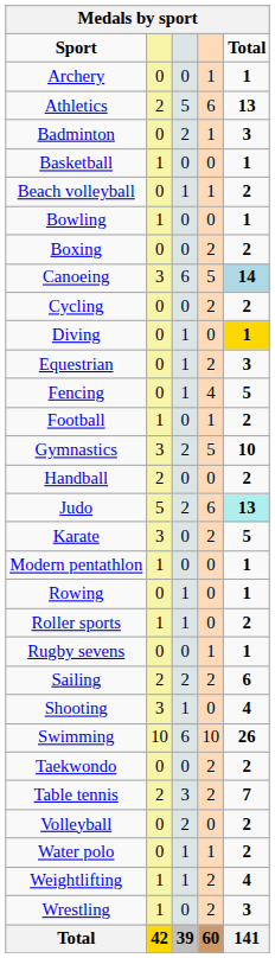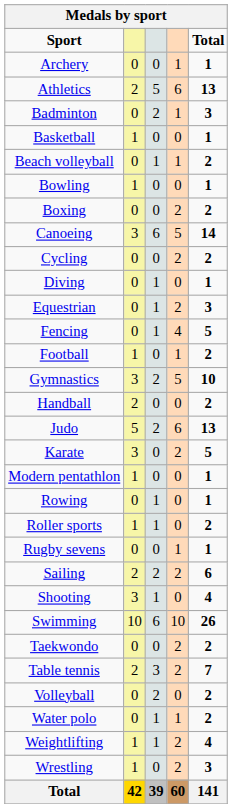 <table class="wikitable" style="font-size:85%; float:right;">
 <tr style="background:#efefef;">
 <th colspan=7><strong>Medals by sport</strong></th>
 </tr>
 <tr align=center>
 <td><strong>Sport</strong></td>
 <td bgcolor=#f7f6a8></td>
 <td bgcolor=#dce5e5></td>
 <td bgcolor=#ffdab9></td>
 <td><strong>Total</strong></td>
 </tr>
 <tr align=center>
 <td><a href='#'>Archery</a></td>
 <td style="background:#F7F6A8;">0</td>
 <td style="background:#DCE5E5;">0</td>
 <td style="background:#FFDAB9;">1</td>
 <td><strong>1</strong></td>
 </tr>
 <tr align=center>
 <td><a href='#'>Athletics</a></td>
 <td style="background:#F7F6A8;">2</td>
 <td style="background:#DCE5E5;">5</td>
 <td style="background:#FFDAB9;">6</td>
 <td><strong>13</strong></td>
 </tr>
 <tr align=center>
 <td><a href='#'>Badminton</a></td>
 <td style="background:#F7F6A8;">0</td>
 <td style="background:#DCE5E5;">2</td>
 <td style="background:#FFDAB9;">1</td>
 <td><strong>3</strong></td>
 </tr>
 <tr align=center>
 <td><a href='#'>Basketball</a></td>
 <td style="background:#F7F6A8;">1</td>
 <td style="background:#DCE5E5;">0</td>
 <td style="background:#FFDAB9;">0</td>
 <td><strong>1</strong></td>
 </tr>
 <tr align=center>
 <td><a href='#'>Beach volleyball</a></td>
 <td style="background:#F7F6A8;">0</td>
 <td style="background:#DCE5E5;">1</td>
 <td style="background:#FFDAB9;">1</td>
 <td><strong>2</strong></td>
 </tr>
 <tr align=center>
 <td><a href='#'>Bowling</a></td>
 <td style="background:#F7F6A8;">1</td>
 <td style="background:#DCE5E5;">0</td>
 <td style="background:#FFDAB9;">0</td>
 <td><strong>1</strong></td>
 </tr>
 <tr align=center>
 <td><a href='#'>Boxing</a></td>
 <td style="background:#F7F6A8;">0</td>
 <td style="background:#DCE5E5;">0</td>
 <td style="background:#FFDAB9;">2</td>
 <td><strong>2</strong></td>
 </tr>
 <tr align=center>
 <td><a href='#'>Canoeing</a></td>
 <td style="background:#F7F6A8;">3</td>
 <td style="background:#DCE5E5;">6</td>
 <td style="background:#FFDAB9;">5</td>
-<td style="background: lightblue;"><strong>14</strong></td>
+<td><strong>14</strong></td>
 </tr>
 <tr align=center>
 <td><a href='#'>Cycling</a></td>
 <td style="background:#F7F6A8;">0</td>
 <td style="background:#DCE5E5;">0</td>
 <td style="background:#FFDAB9;">2</td>
 <td><strong>2</strong></td>
 </tr>
 <tr align=center>
 <td><a href='#'>Diving</a></td>
 <td style="background:#F7F6A8;">0</td>
 <td style="background:#DCE5E5;">1</td>
 <td style="background:#FFDAB9;">0</td>
-<td style="background: gold;"><strong>1</strong></td>
+<td><strong>1</strong></td>
 </tr>
 <tr align=center>
 <td><a href='#'>Equestrian</a></td>
 <td style="background:#F7F6A8;">0</td>
 <td style="background:#DCE5E5;">1</td>
 <td style="background:#FFDAB9;">2</td>
 <td><strong>3</strong></td>
 </tr>
 <tr align=center>
 <td><a href='#'>Fencing</a></td>
 <td style="background:#F7F6A8;">0</td>
 <td style="background:#DCE5E5;">1</td>
 <td style="background:#FFDAB9;">4</td>
 <td><strong>5</strong></td>
 </tr>
 <tr align=center>
 <td><a href='#'>Football</a></td>
 <td style="background:#F7F6A8;">1</td>
 <td style="background:#DCE5E5;">0</td>
 <td style="background:#FFDAB9;">1</td>
 <td><strong>2</strong></td>
 </tr>
 <tr align=center>
 <td><a href='#'>Gymnastics</a></td>
 <td style="background:#F7F6A8;">3</td>
 <td style="background:#DCE5E5;">2</td>
 <td style="background:#FFDAB9;">5</td>
 <td><strong>10</strong></td>
 </tr>
 <tr align=center>
 <td><a href='#'>Handball</a></td>
 <td style="background:#F7F6A8;">2</td>
 <td style="background:#DCE5E5;">0</td>
 <td style="background:#FFDAB9;">0</td>
 <td><strong>2</strong></td>
 </tr>
 <tr align=center>
 <td><a href='#'>Judo</a></td>
 <td style="background:#F7F6A8;">5</td>
 <td style="background:#DCE5E5;">2</td>
 <td style="background:#FFDAB9;">6</td>
-<td style="background: paleturquoise;"><strong>13</strong></td>
+<td><strong>13</strong></td>
 </tr>
 <tr align=center>
 <td><a href='#'>Karate</a></td>
 <td style="background:#F7F6A8;">3</td>
 <td style="background:#DCE5E5;">0</td>
 <td style="background:#FFDAB9;">2</td>
 <td><strong>5</strong></td>
 </tr>
 <tr align=center>
 <td><a href='#'>Modern pentathlon</a></td>
 <td style="background:#F7F6A8;">1</td>
 <td style="background:#DCE5E5;">0</td>
 <td style="background:#FFDAB9;">0</td>
 <td><strong>1</strong></td>
 </tr>
 <tr align=center>
 <td><a href='#'>Rowing</a></td>
 <td style="background:#F7F6A8;">0</td>
 <td style="background:#DCE5E5;">1</td>
 <td style="background:#FFDAB9;">0</td>
 <td><strong>1</strong></td>
 </tr>
 <tr align=center>
 <td><a href='#'>Roller sports</a></td>
 <td style="background:#F7F6A8;">1</td>
 <td style="background:#DCE5E5;">1</td>
 <td style="background:#FFDAB9;">0</td>
 <td><strong>2</strong></td>
 </tr>
 <tr align=center>
 <td><a href='#'>Rugby sevens</a></td>
 <td style="background:#F7F6A8;">0</td>
 <td style="background:#DCE5E5;">0</td>
 <td style="background:#FFDAB9;">1</td>
 <td><strong>1</strong></td>
 </tr>
 <tr align=center>
 <td><a href='#'>Sailing</a></td>
 <td style="background:#F7F6A8;">2</td>
 <td style="background:#DCE5E5;">2</td>
 <td style="background:#FFDAB9;">2</td>
 <td><strong>6</strong></td>
 </tr>
 <tr align=center>
 <td><a href='#'>Shooting</a></td>
 <td style="background:#F7F6A8;">3</td>
 <td style="background:#DCE5E5;">1</td>
 <td style="background:#FFDAB9;">0</td>
 <td><strong>4</strong></td>
 </tr>
 <tr align=center>
 <td><a href='#'>Swimming</a></td>
 <td style="background:#F7F6A8;">10</td>
 <td style="background:#DCE5E5;">6</td>
 <td style="background:#FFDAB9;">10</td>
 <td><strong>26</strong></td>
 </tr>
 <tr align=center>
 <td><a href='#'>Taekwondo</a></td>
 <td style="background:#F7F6A8;">0</td>
 <td style="background:#DCE5E5;">0</td>
 <td style="background:#FFDAB9;">2</td>
 <td><strong>2</strong></td>
 </tr>
 <tr align=center>
 <td><a href='#'>Table tennis</a></td>
 <td style="background:#F7F6A8;">2</td>
 <td style="background:#DCE5E5;">3</td>
 <td style="background:#FFDAB9;">2</td>
 <td><strong>7</strong></td>
 </tr>
 <tr align=center>
 <td><a href='#'>Volleyball</a></td>
 <td style="background:#F7F6A8;">0</td>
 <td style="background:#DCE5E5;">2</td>
 <td style="background:#FFDAB9;">0</td>
 <td><strong>2</strong></td>
 </tr>
 <tr align=center>
 <td><a href='#'>Water polo</a></td>
 <td style="background:#F7F6A8;">0</td>
 <td style="background:#DCE5E5;">1</td>
 <td style="background:#FFDAB9;">1</td>
 <td><strong>2</strong></td>
 </tr>
 <tr align=center>
 <td><a href='#'>Weightlifting</a></td>
 <td style="background:#F7F6A8;">1</td>
 <td style="background:#DCE5E5;">1</td>
 <td style="background:#FFDAB9;">2</td>
 <td><strong>4</strong></td>
 </tr>
 <tr align=center>
 <td><a href='#'>Wrestling</a></td>
 <td style="background:#F7F6A8;">1</td>
 <td style="background:#DCE5E5;">0</td>
 <td style="background:#FFDAB9;">2</td>
 <td><strong>3</strong></td>
 </tr>
 <tr align=center>
 <th><strong>Total</strong></th>
 <th style="background:gold;"><strong>42</strong></th>
 <th style="background:silver;"><strong>39</strong></th>
 <th style="background:#c96;"><strong>60</strong></th>
 <th><strong>141</strong></th>
 </tr>
 </table>
